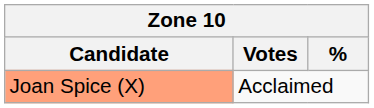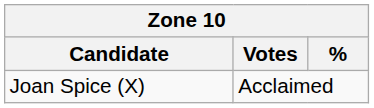 <table class="wikitable">
 <tr>
 <th colspan="3">Zone 10</th>
 </tr>
 <tr>
 <th style="width: 170px">Candidate</th>
 <th style="width: 50px">Votes</th>
 <th style="width: 40px">%</th>
 </tr>
 <tr>
-<td style="background: lightsalmon;">Joan Spice (X)</td>
+<td>Joan Spice (X)</td>
 <td colspan="2">Acclaimed</td>
 </tr>
 </table>
